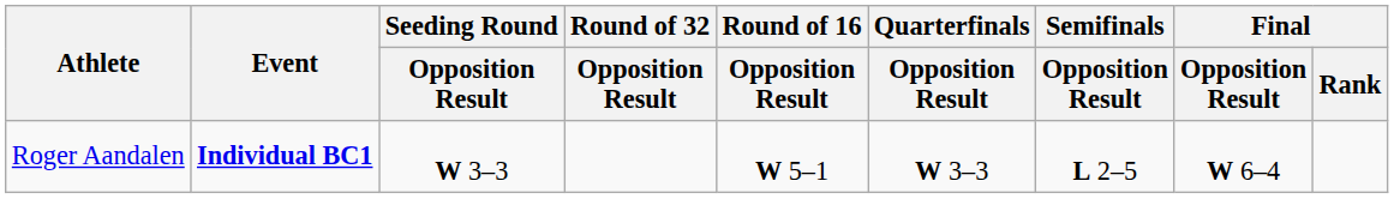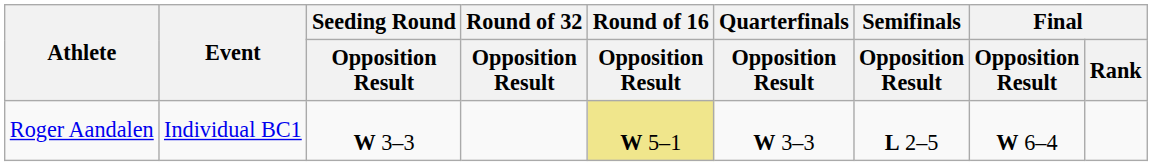 <table class=wikitable>
 <tr>
 <th rowspan="2">Athlete</th>
 <th rowspan="2">Event</th>
 <th>Seeding Round</th>
 <th>Round of 32</th>
 <th>Round of 16</th>
 <th>Quarterfinals</th>
 <th>Semifinals</th>
 <th colspan="2">Final</th>
 </tr>
 <tr>
 <th>Opposition<br>Result</th>
 <th>Opposition<br>Result</th>
 <th>Opposition<br>Result</th>
 <th>Opposition<br>Result</th>
 <th>Opposition<br>Result</th>
 <th>Opposition<br>Result</th>
 <th>Rank</th>
 </tr>
 <tr align=center>
 <td align=left><a href='#'>Roger Aandalen</a></td>
-<td align=left><strong><a href='#'>Individual BC1</a></strong></td>
+<td align=left><a href='#'>Individual BC1</a></td>
 <td><br><strong>W</strong> 3–3</td>
 <td></td>
-<td><br><strong>W</strong> 5–1</td>
+<td style="background: khaki;"><br><strong>W</strong> 5–1</td>
 <td><br><strong>W</strong> 3–3</td>
 <td><br><strong>L</strong> 2–5</td>
 <td><br><strong>W</strong> 6–4</td>
 <td></td>
 </tr>
 </table>
